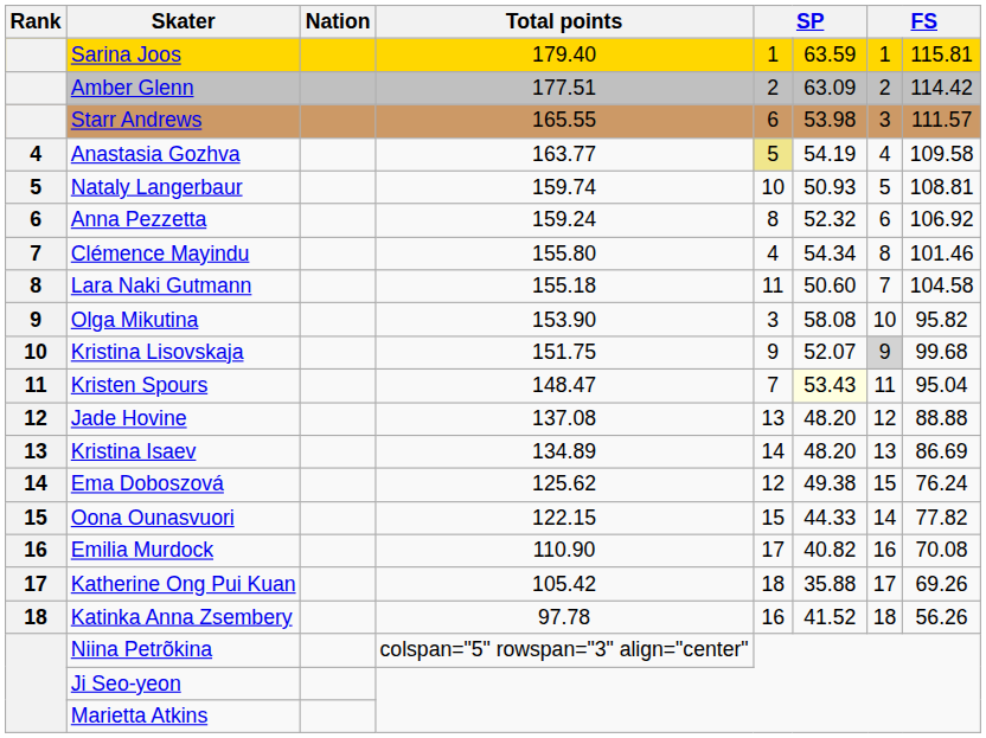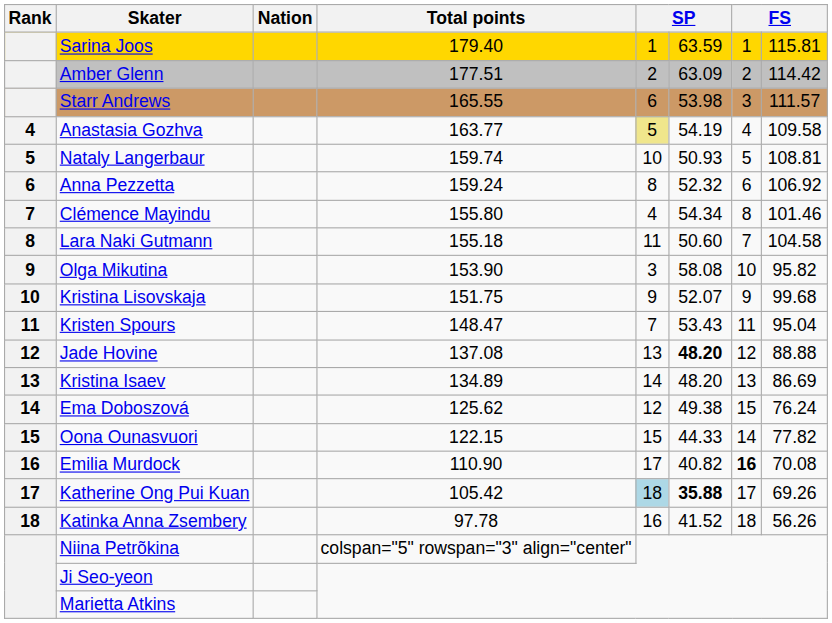 <table class="wikitable sortable" style="text-align:left">
 <tr>
 <th scope="col">Rank</th>
 <th scope="col">Skater</th>
 <th scope="col">Nation</th>
 <th scope="col">Total points</th>
 <th scope="col" colspan="2" width="80px"><a href='#'>SP</a></th>
 <th scope="col" colspan="2" width="80px"><a href='#'>FS</a></th>
 </tr>
 <tr bgcolor="gold">
 <th scope="row"></th>
 <td><a href='#'>Sarina Joos</a></td>
 <td></td>
 <td align="center">179.40</td>
 <td align="center">1</td>
 <td align="center">63.59</td>
 <td align="center">1</td>
 <td align="center">115.81</td>
 </tr>
 <tr bgcolor="silver">
 <th scope="row"></th>
 <td><a href='#'>Amber Glenn</a></td>
 <td></td>
 <td align="center">177.51</td>
 <td align="center">2</td>
 <td align="center">63.09</td>
 <td align="center">2</td>
 <td align="center">114.42</td>
 </tr>
 <tr bgcolor="cc9966">
 <th scope="row"></th>
 <td><a href='#'>Starr Andrews</a></td>
 <td></td>
 <td align="center">165.55</td>
 <td align="center">6</td>
 <td align="center">53.98</td>
 <td align="center">3</td>
 <td align="center">111.57</td>
 </tr>
 <tr>
 <th scope="row">4</th>
 <td><a href='#'>Anastasia Gozhva</a></td>
 <td></td>
 <td align="center">163.77</td>
 <td align="center" style="background: khaki;">5</td>
 <td align="center">54.19</td>
 <td align="center">4</td>
 <td align="center">109.58</td>
 </tr>
 <tr>
 <th scope="row">5</th>
 <td><a href='#'>Nataly Langerbaur</a></td>
 <td></td>
 <td align="center">159.74</td>
 <td align="center">10</td>
 <td align="center">50.93</td>
 <td align="center">5</td>
 <td align="center">108.81</td>
 </tr>
 <tr>
 <th scope="row">6</th>
 <td><a href='#'>Anna Pezzetta</a></td>
 <td></td>
 <td align="center">159.24</td>
 <td align="center">8</td>
 <td align="center">52.32</td>
 <td align="center">6</td>
 <td align="center">106.92</td>
 </tr>
 <tr>
 <th scope="row">7</th>
 <td><a href='#'>Clémence Mayindu</a></td>
 <td></td>
 <td align="center">155.80</td>
 <td align="center">4</td>
 <td align="center">54.34</td>
 <td align="center">8</td>
 <td align="center">101.46</td>
 </tr>
 <tr>
 <th scope="row">8</th>
 <td><a href='#'>Lara Naki Gutmann</a></td>
 <td></td>
 <td align="center">155.18</td>
 <td align="center">11</td>
 <td align="center">50.60</td>
 <td align="center">7</td>
 <td align="center">104.58</td>
 </tr>
 <tr>
 <th scope="row">9</th>
 <td><a href='#'>Olga Mikutina</a></td>
 <td></td>
 <td align="center">153.90</td>
 <td align="center">3</td>
 <td align="center">58.08</td>
 <td align="center">10</td>
 <td align="center">95.82</td>
 </tr>
 <tr>
 <th scope="row">10</th>
 <td><a href='#'>Kristina Lisovskaja</a></td>
 <td></td>
 <td align="center">151.75</td>
 <td align="center">9</td>
 <td align="center">52.07</td>
-<td align="center" style="background: lightgrey;">9</td>
+<td align="center">9</td>
 <td align="center">99.68</td>
 </tr>
 <tr>
 <th scope="row">11</th>
 <td><a href='#'>Kristen Spours</a></td>
 <td></td>
 <td align="center">148.47</td>
 <td align="center">7</td>
-<td align="center" style="background: lightyellow;">53.43</td>
+<td align="center">53.43</td>
 <td align="center">11</td>
 <td align="center">95.04</td>
 </tr>
 <tr>
 <th scope="row">12</th>
 <td><a href='#'>Jade Hovine</a></td>
 <td></td>
 <td align="center">137.08</td>
 <td align="center">13</td>
-<td align="center">48.20</td>
+<td align="center"><strong>48.20</strong></td>
 <td align="center">12</td>
 <td align="center">88.88</td>
 </tr>
 <tr>
 <th scope="row">13</th>
 <td><a href='#'>Kristina Isaev</a></td>
 <td></td>
 <td align="center">134.89</td>
 <td align="center">14</td>
 <td align="center">48.20</td>
 <td align="center">13</td>
 <td align="center">86.69</td>
 </tr>
 <tr>
 <th scope="row">14</th>
 <td><a href='#'>Ema Doboszová</a></td>
 <td></td>
 <td align="center">125.62</td>
 <td align="center">12</td>
 <td align="center">49.38</td>
 <td align="center">15</td>
 <td align="center">76.24</td>
 </tr>
 <tr>
 <th scope="row">15</th>
 <td><a href='#'>Oona Ounasvuori</a></td>
 <td></td>
 <td align="center">122.15</td>
 <td align="center">15</td>
 <td align="center">44.33</td>
 <td align="center">14</td>
 <td align="center">77.82</td>
 </tr>
 <tr>
 <th scope="row">16</th>
 <td><a href='#'>Emilia Murdock</a></td>
 <td></td>
 <td align="center">110.90</td>
 <td align="center">17</td>
 <td align="center">40.82</td>
-<td align="center">16</td>
+<td align="center"><strong>16</strong></td>
 <td align="center">70.08</td>
 </tr>
 <tr>
 <th scope="row">17</th>
 <td><a href='#'>Katherine Ong Pui Kuan</a></td>
 <td></td>
 <td align="center">105.42</td>
-<td align="center">18</td>
-<td align="center">35.88</td>
+<td align="center" style="background: lightblue;">18</td>
+<td align="center"><strong>35.88</strong></td>
 <td align="center">17</td>
 <td align="center">69.26</td>
 </tr>
 <tr>
 <th scope="row">18</th>
 <td><a href='#'>Katinka Anna Zsembery</a></td>
 <td></td>
 <td align="center">97.78</td>
 <td align="center">16</td>
 <td align="center">41.52</td>
 <td align="center">18</td>
 <td align="center">56.26</td>
 </tr>
 <tr>
 <th rowspan="3" scope="row"></th>
 <td><a href='#'>Niina Petrõkina</a></td>
 <td></td>
 <td>colspan="5" rowspan="3" align="center" </td>
 </tr>
 <tr>
 <td><a href='#'>Ji Seo-yeon</a></td>
 <td></td>
 </tr>
 <tr>
 <td><a href='#'>Marietta Atkins</a></td>
 <td></td>
 </tr>
 </table>
